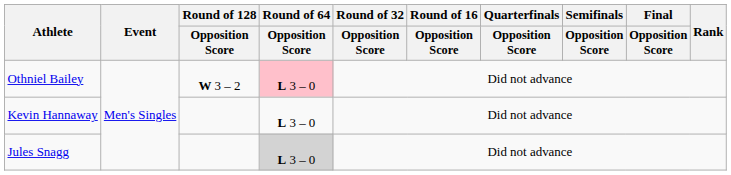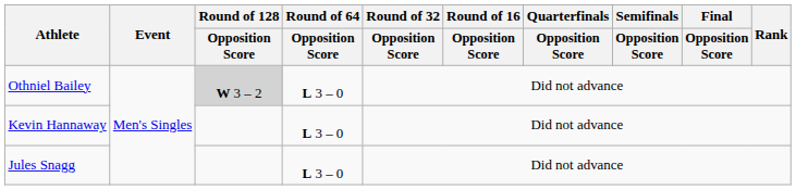 <table class=wikitable style="font-size:90%">
 <tr>
 <th rowspan="2">Athlete</th>
 <th rowspan="2">Event</th>
 <th>Round of 128</th>
 <th>Round of 64</th>
 <th>Round of 32</th>
 <th>Round of 16</th>
 <th>Quarterfinals</th>
 <th>Semifinals</th>
 <th>Final</th>
 <th rowspan=2>Rank</th>
 </tr>
 <tr style="font-size:95%">
 <th>Opposition<br>Score</th>
 <th>Opposition<br>Score</th>
 <th>Opposition<br>Score</th>
 <th>Opposition<br>Score</th>
 <th>Opposition<br>Score</th>
 <th>Opposition<br>Score</th>
 <th>Opposition<br>Score</th>
 </tr>
 <tr align=center>
 <td align=left><a href='#'>Othniel Bailey</a></td>
 <td align=left rowspan=3><a href='#'>Men's Singles</a></td>
-<td><br><strong>W</strong> 3 – 2</td>
-<td style="background: pink;"><br><strong>L</strong> 3 – 0</td>
+<td style="background: lightgrey;"><br><strong>W</strong> 3 – 2</td>
+<td><br><strong>L</strong> 3 – 0</td>
 <td colspan=6>Did not advance</td>
 </tr>
 <tr align=center>
 <td align=left><a href='#'>Kevin Hannaway</a></td>
 <td></td>
 <td><br><strong>L</strong> 3 – 0</td>
 <td colspan=6>Did not advance</td>
 </tr>
 <tr align=center>
 <td align=left><a href='#'>Jules Snagg</a></td>
 <td></td>
-<td style="background: lightgrey;"><br><strong>L</strong> 3 – 0</td>
+<td><br><strong>L</strong> 3 – 0</td>
 <td colspan=6>Did not advance</td>
 </tr>
 </table>
